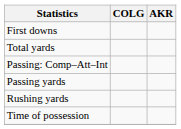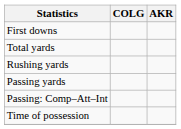 <table class="wikitable" style="float: left;">
 <tr>
 <th>Statistics</th>
 <th>COLG</th>
 <th>AKR</th>
 </tr>
 <tr>
 <td>First downs</td>
 <td></td>
 <td></td>
 </tr>
 <tr>
 <td>Total yards</td>
 <td></td>
 <td></td>
 </tr>
 <tr>
-<td>Passing: Comp–Att–Int</td>
+<td>Rushing yards</td>
 <td></td>
 <td></td>
 </tr>
 <tr>
 <td>Passing yards</td>
 <td></td>
 <td></td>
 </tr>
 <tr>
-<td>Rushing yards</td>
+<td>Passing: Comp–Att–Int</td>
 <td></td>
 <td></td>
 </tr>
 <tr>
 <td>Time of possession</td>
 <td></td>
 <td></td>
 </tr>
 <tr>
 </tr>
 </table>
